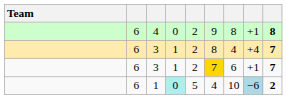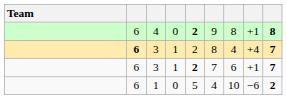 <table class="wikitable" style="text-align: center;">
 <tr>
 <th width=165 style="text-align:left;">Team</th>
 <th width=20></th>
 <th width=20></th>
 <th width=20></th>
 <th width=20></th>
 <th width=20></th>
 <th width=20></th>
 <th width=20></th>
 <th width=20></th>
 </tr>
 <tr style="background:#ccffcc;">
 <td style="text-align:left;"></td>
 <td>6</td>
 <td>4</td>
 <td>0</td>
-<td>2</td>
+<td><strong>2</strong></td>
 <td>9</td>
 <td>8</td>
 <td>+1</td>
 <td><strong>8</strong></td>
 </tr>
 <tr style="background:#ffebad;">
 <td style="text-align:left;"></td>
-<td>6</td>
+<td><strong>6</strong></td>
 <td>3</td>
 <td>1</td>
 <td>2</td>
 <td>8</td>
 <td>4</td>
 <td>+4</td>
 <td><strong>7</strong></td>
 </tr>
 <tr>
 <td style="text-align:left;"></td>
 <td>6</td>
 <td>3</td>
 <td>1</td>
-<td>2</td>
-<td style="background: gold;">7</td>
+<td><strong>2</strong></td>
+<td>7</td>
 <td>6</td>
 <td>+1</td>
 <td><strong>7</strong></td>
 </tr>
 <tr>
 <td style="text-align:left;"></td>
 <td>6</td>
 <td>1</td>
-<td style="background: paleturquoise;">0</td>
+<td>0</td>
 <td>5</td>
 <td>4</td>
 <td>10</td>
-<td style="background: lightblue;">−6</td>
+<td>−6</td>
 <td><strong>2</strong></td>
 </tr>
 </table>
